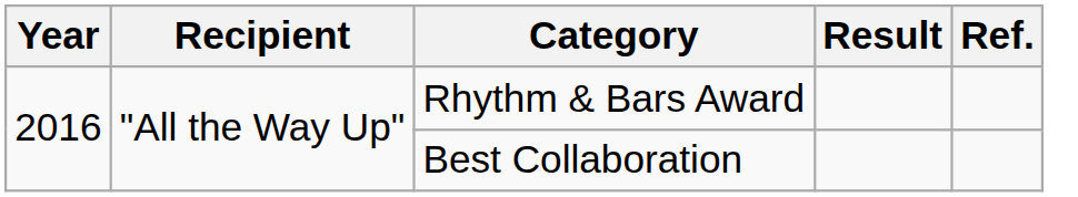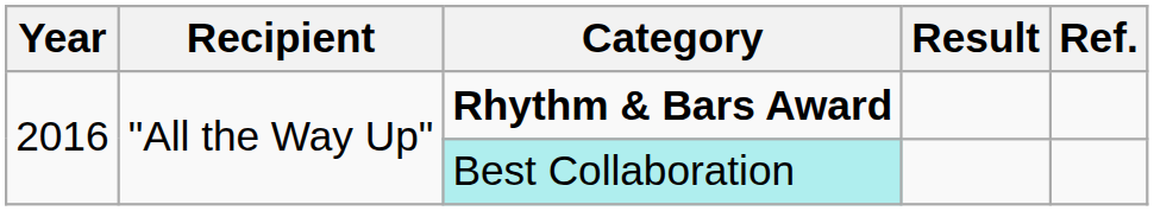 <table class="wikitable">
 <tr>
 <th>Year</th>
 <th>Recipient</th>
 <th>Category</th>
 <th>Result</th>
 <th>Ref.</th>
 </tr>
 <tr>
 <td rowspan="2">2016</td>
 <td rowspan="2">"All the Way Up"</td>
-<td>Rhythm & Bars Award</td>
+<td><strong>Rhythm & Bars Award</strong></td>
 <td></td>
 <td></td>
 </tr>
 <tr>
-<td>Best Collaboration</td>
+<td style="background: paleturquoise;">Best Collaboration</td>
 <td></td>
 <td></td>
 </tr>
 </table>
